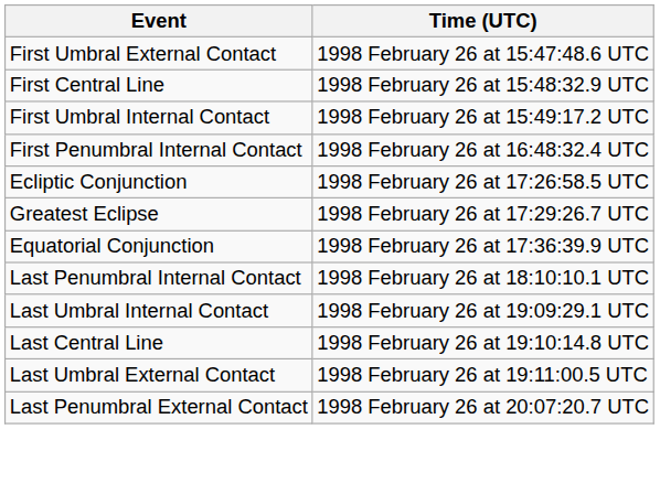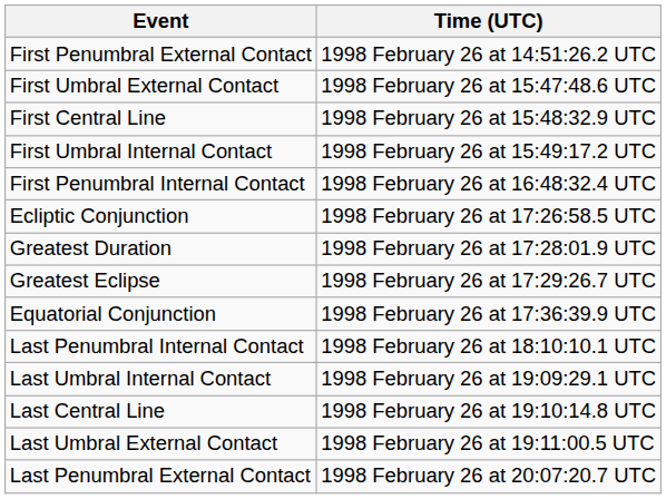 <table class="wikitable">
 <tr>
 <th>Event</th>
 <th>Time (UTC)</th>
+</tr>
+<tr>
+<td>First Penumbral External Contact</td>
+<td>1998 February 26 at 14:51:26.2 UTC</td>
 </tr>
 <tr>
 <td>First Umbral External Contact</td>
 <td>1998 February 26 at 15:47:48.6 UTC</td>
 </tr>
 <tr>
 <td>First Central Line</td>
 <td>1998 February 26 at 15:48:32.9 UTC</td>
 </tr>
 <tr>
 <td>First Umbral Internal Contact</td>
 <td>1998 February 26 at 15:49:17.2 UTC</td>
 </tr>
 <tr>
 <td>First Penumbral Internal Contact</td>
 <td>1998 February 26 at 16:48:32.4 UTC</td>
 </tr>
 <tr>
 <td>Ecliptic Conjunction</td>
 <td>1998 February 26 at 17:26:58.5 UTC</td>
+</tr>
+<tr>
+<td>Greatest Duration</td>
+<td>1998 February 26 at 17:28:01.9 UTC</td>
 </tr>
 <tr>
 <td>Greatest Eclipse</td>
 <td>1998 February 26 at 17:29:26.7 UTC</td>
 </tr>
 <tr>
 <td>Equatorial Conjunction</td>
 <td>1998 February 26 at 17:36:39.9 UTC</td>
 </tr>
 <tr>
 <td>Last Penumbral Internal Contact</td>
 <td>1998 February 26 at 18:10:10.1 UTC</td>
 </tr>
 <tr>
 <td>Last Umbral Internal Contact</td>
 <td>1998 February 26 at 19:09:29.1 UTC</td>
 </tr>
 <tr>
 <td>Last Central Line</td>
 <td>1998 February 26 at 19:10:14.8 UTC</td>
 </tr>
 <tr>
 <td>Last Umbral External Contact</td>
 <td>1998 February 26 at 19:11:00.5 UTC</td>
 </tr>
 <tr>
 <td>Last Penumbral External Contact</td>
 <td>1998 February 26 at 20:07:20.7 UTC</td>
 </tr>
 </table>
